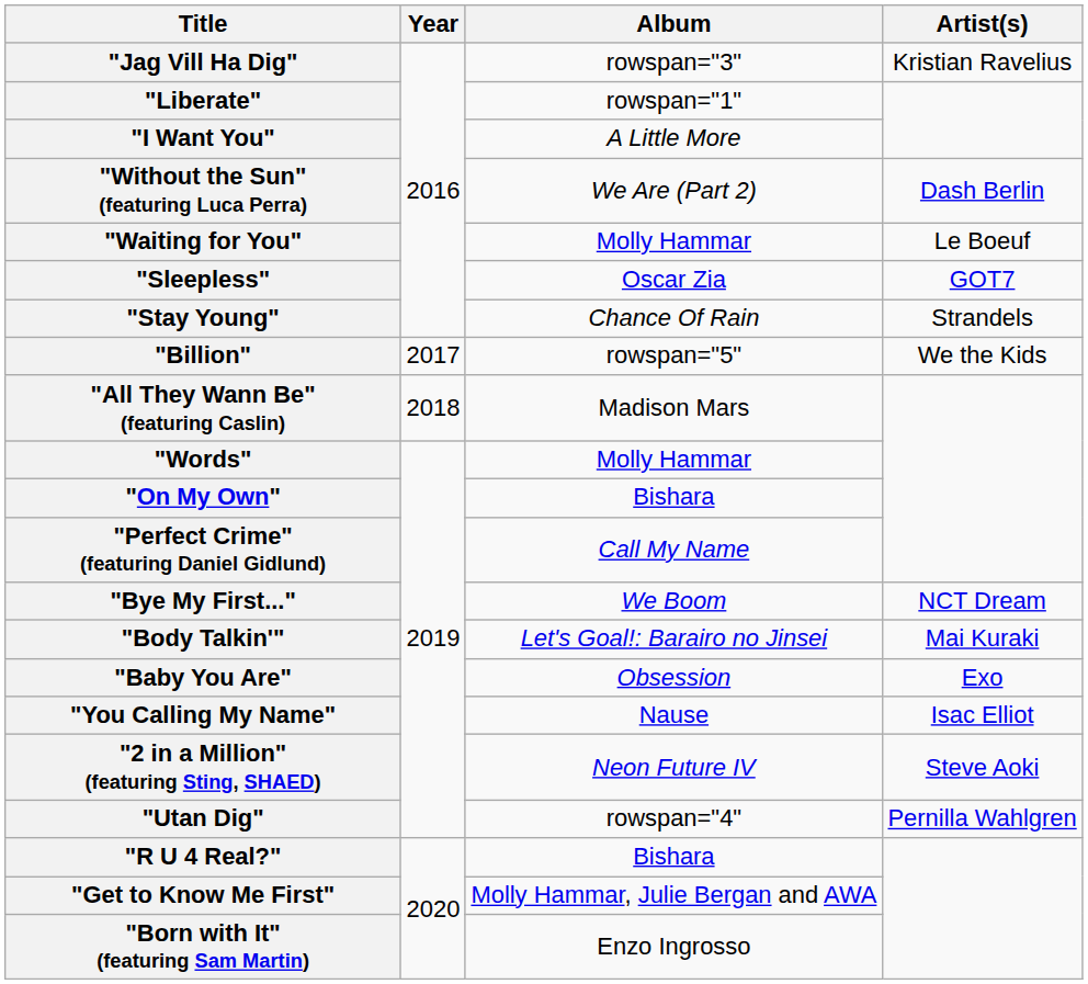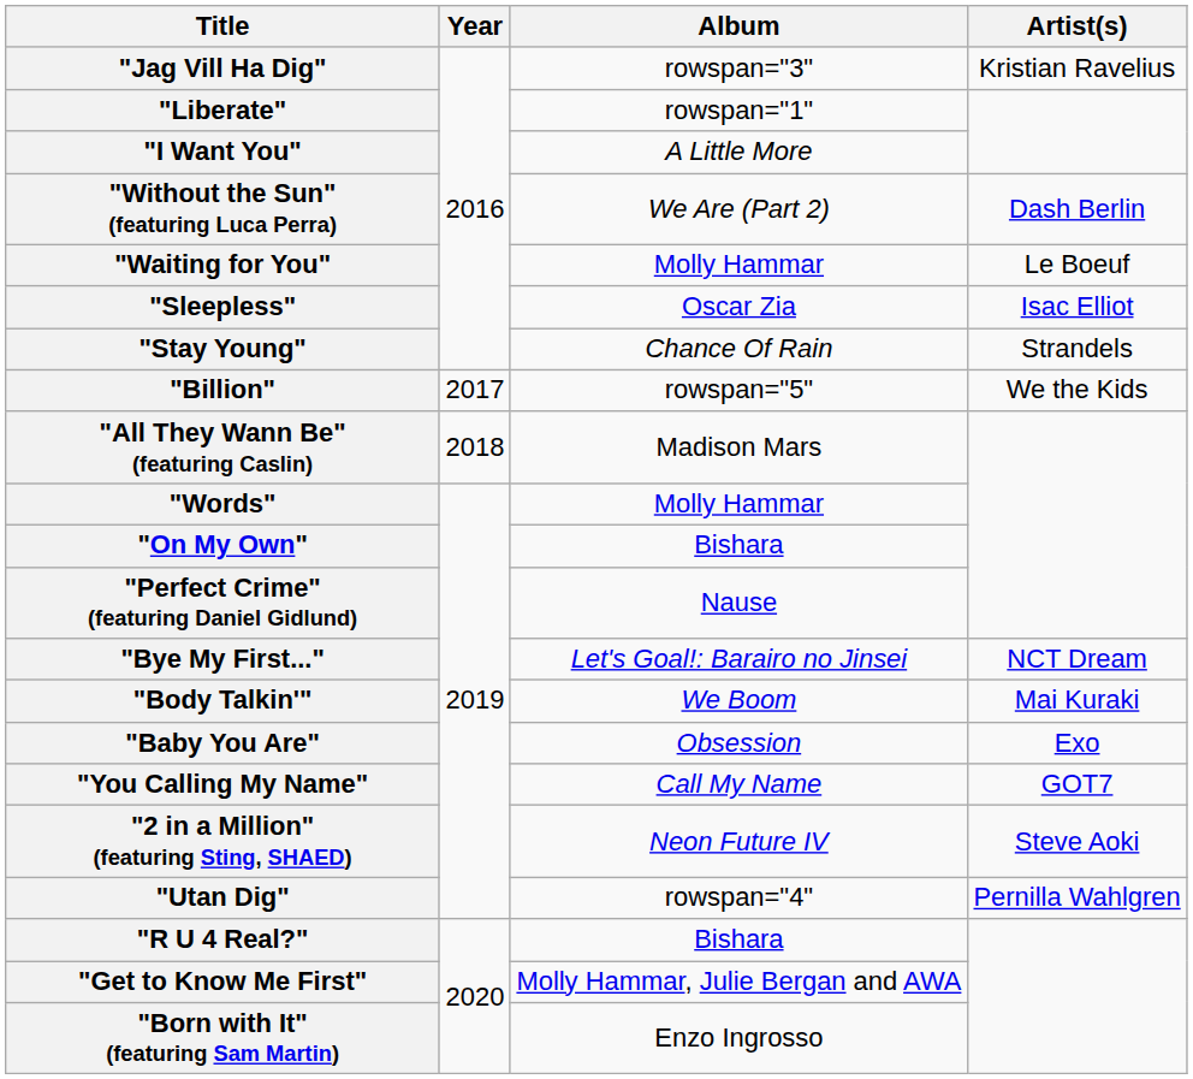 <table class="wikitable plainrowheaders" style="text-align:center;">
 <tr>
 <th scope="col" style="width:16em;">Title</th>
 <th scope="col" style="width:1em;">Year</th>
 <th scope="col">Album</th>
 <th scope="col">Artist(s)</th>
 </tr>
 <tr>
 <th scope="row">"Jag Vill Ha Dig"</th>
 <td rowspan="7">2016</td>
 <td>rowspan="3" </td>
 <td>Kristian Ravelius</td>
 </tr>
 <tr>
 <th scope="row">"Liberate"</th>
 <td>rowspan="1" </td>
 </tr>
 <tr>
 <th scope="row">"I Want You"</th>
 <td><em>A Little More</em></td>
 </tr>
 <tr>
 <th scope="row">"Without the Sun"<br><small>(featuring Luca Perra)</small></th>
 <td><em>We Are (Part 2)</em></td>
 <td><a href='#'>Dash Berlin</a></td>
 </tr>
 <tr>
 <th scope="row">"Waiting for You"</th>
 <td><a href='#'>Molly Hammar</a></td>
 <td>Le Boeuf</td>
 </tr>
 <tr>
 <th scope="row">"Sleepless"</th>
 <td><a href='#'>Oscar Zia</a></td>
-<td><a href='#'>GOT7</a></td>
+<td><a href='#'>Isac Elliot</a></td>
 </tr>
 <tr>
 <th scope="row">"Stay Young"</th>
 <td><em>Chance Of Rain</em></td>
 <td>Strandels</td>
 </tr>
 <tr>
 <th scope="row">"Billion"</th>
 <td>2017</td>
 <td>rowspan="5" </td>
 <td>We the Kids</td>
 </tr>
 <tr>
 <th scope="row">"All They Wann Be"<br><small>(featuring Caslin)</small></th>
 <td>2018</td>
 <td>Madison Mars</td>
 </tr>
 <tr>
 <th scope="row">"Words"</th>
 <td rowspan="9">2019</td>
 <td><a href='#'>Molly Hammar</a></td>
 </tr>
 <tr>
 <th scope="row">"<a href='#'>On My Own</a>"</th>
 <td><a href='#'>Bishara</a></td>
 </tr>
 <tr>
 <th scope="row">"Perfect Crime"<br><small>(featuring Daniel Gidlund)</small></th>
-<td><em><a href='#'>Call My Name</a></em></td>
+<td><a href='#'>Nause</a></td>
 </tr>
 <tr>
 <th scope="row">"Bye My First..."</th>
-<td><em><a href='#'>We Boom</a></em></td>
+<td><em><a href='#'>Let's Goal!: Barairo no Jinsei</a></em></td>
 <td><a href='#'>NCT Dream</a></td>
 </tr>
 <tr>
 <th scope="row">"Body Talkin'"</th>
-<td><em><a href='#'>Let's Goal!: Barairo no Jinsei</a></em></td>
+<td><em><a href='#'>We Boom</a></em></td>
 <td><a href='#'>Mai Kuraki</a></td>
 </tr>
 <tr>
 <th scope="row">"Baby You Are"</th>
 <td><em><a href='#'>Obsession</a></em></td>
 <td><a href='#'>Exo</a></td>
 </tr>
 <tr>
 <th scope="row">"You Calling My Name"</th>
-<td><a href='#'>Nause</a></td>
-<td><a href='#'>Isac Elliot</a></td>
+<td><em><a href='#'>Call My Name</a></em></td>
+<td><a href='#'>GOT7</a></td>
 </tr>
 <tr>
 <th scope="row">"2 in a Million"<br><small>(featuring <a href='#'>Sting</a>, <a href='#'>SHAED</a>)</small></th>
 <td><em><a href='#'>Neon Future IV</a></em></td>
 <td><a href='#'>Steve Aoki</a></td>
 </tr>
 <tr>
 <th scope="row">"Utan Dig"</th>
 <td>rowspan="4" </td>
 <td><a href='#'>Pernilla Wahlgren</a></td>
 </tr>
 <tr>
 <th scope="row">"R U 4 Real?"</th>
 <td rowspan="3">2020</td>
 <td><a href='#'>Bishara</a></td>
 </tr>
 <tr>
 <th scope="row">"Get to Know Me First"</th>
 <td><a href='#'>Molly Hammar</a>, <a href='#'>Julie Bergan</a> and <a href='#'>AWA</a></td>
 </tr>
 <tr>
 <th scope="row">"Born with It"<br><small>(featuring <a href='#'>Sam Martin</a>)</small></th>
 <td>Enzo Ingrosso</td>
 </tr>
 </table>
